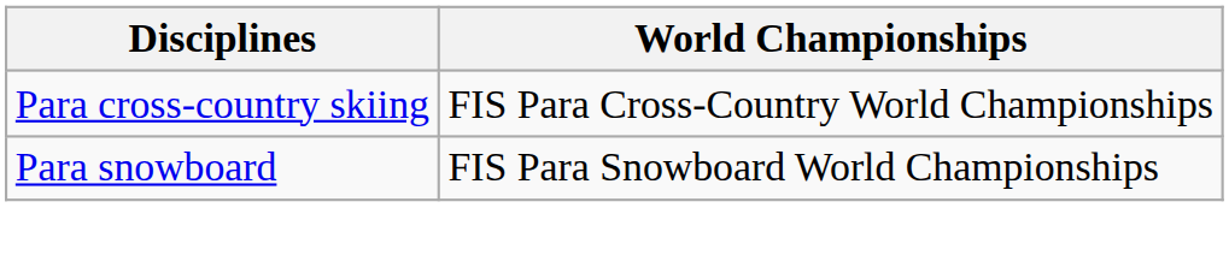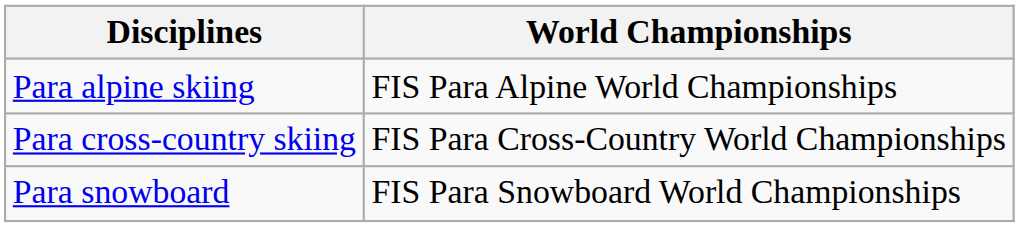 <table class="wikitable" style="display:inline-table;">
 <tr>
 <th>Disciplines</th>
 <th>World Championships</th>
+</tr>
+<tr>
+<td><a href='#'>Para alpine skiing</a></td>
+<td>FIS Para Alpine World Championships</td>
 </tr>
 <tr>
 <td><a href='#'>Para cross-country skiing</a></td>
 <td>FIS Para Cross-Country World Championships</td>
 </tr>
 <tr>
 <td><a href='#'>Para snowboard</a></td>
 <td>FIS Para Snowboard World Championships</td>
 </tr>
 </table>
